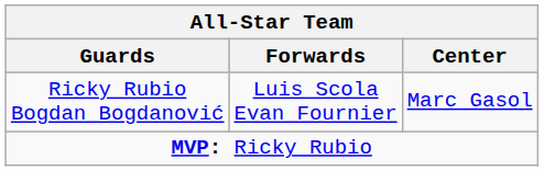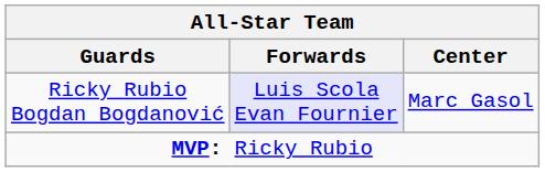 <table class=wikitable style="text-align:center; margin:auto">
 <tr>
 <th colspan=3 align=left>All-Star Team</th>
 </tr>
 <tr>
 <th>Guards</th>
 <th>Forwards</th>
 <th>Center</th>
 </tr>
 <tr>
 <td> <a href='#'>Ricky Rubio</a><br> <a href='#'>Bogdan Bogdanović</a></td>
-<td valign=center> <a href='#'>Luis Scola</a><br> <a href='#'>Evan Fournier</a></td>
+<td valign=center style="background: lavender;"> <a href='#'>Luis Scola</a><br> <a href='#'>Evan Fournier</a></td>
 <td> <a href='#'>Marc Gasol</a></td>
 </tr>
 <tr>
 <td colspan=3 align=center><strong><a href='#'>MVP</a>:</strong>  <a href='#'>Ricky Rubio</a></td>
 </tr>
 </table>
